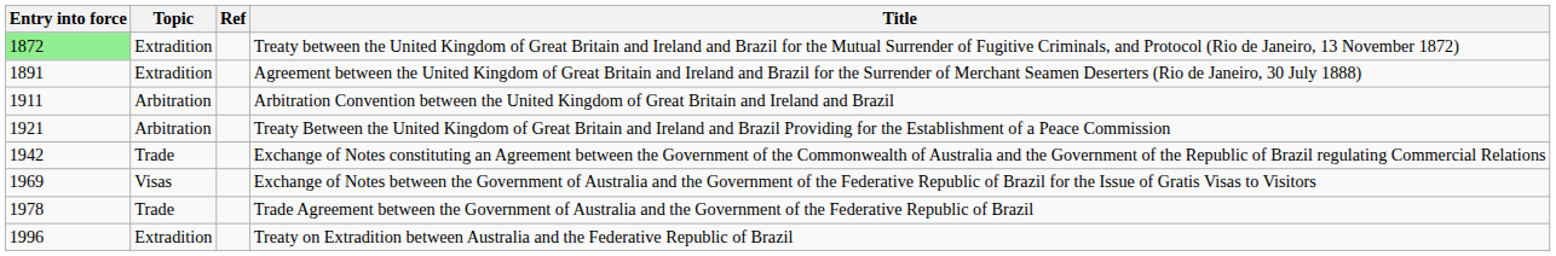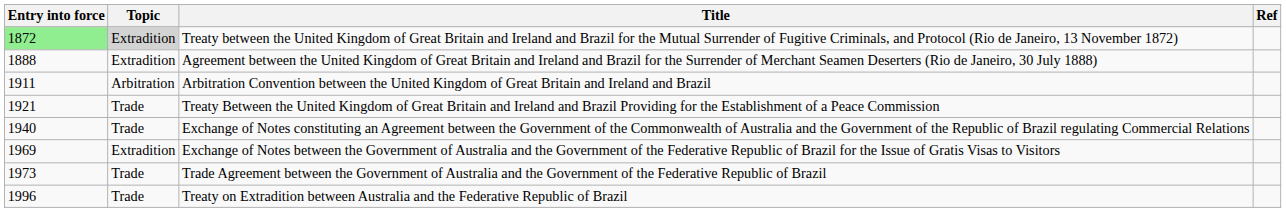 <table class="wikitable sortable">
 <tr>
 <th>Entry into force</th>
 <th>Topic</th>
+<th>Title</th>
 <th>Ref</th>
-<th>Title</th>
 </tr>
 <tr>
 <td style="background: lightgreen;">1872</td>
-<td>Extradition</td>
+<td style="background: lightgrey;">Extradition</td>
+<td>Treaty between the United Kingdom of Great Britain and Ireland and Brazil for the Mutual Surrender of Fugitive Criminals, and Protocol (Rio de Janeiro, 13 November 1872)</td>
 <td></td>
-<td>Treaty between the United Kingdom of Great Britain and Ireland and Brazil for the Mutual Surrender of Fugitive Criminals, and Protocol (Rio de Janeiro, 13 November 1872)</td>
 </tr>
 <tr>
-<td>1891</td>
+<td>1888</td>
 <td>Extradition</td>
+<td>Agreement between the United Kingdom of Great Britain and Ireland and Brazil for the Surrender of Merchant Seamen Deserters (Rio de Janeiro, 30 July 1888)</td>
 <td></td>
-<td>Agreement between the United Kingdom of Great Britain and Ireland and Brazil for the Surrender of Merchant Seamen Deserters (Rio de Janeiro, 30 July 1888)</td>
 </tr>
 <tr>
 <td>1911</td>
 <td>Arbitration</td>
+<td>Arbitration Convention between the United Kingdom of Great Britain and Ireland and Brazil</td>
 <td></td>
-<td>Arbitration Convention between the United Kingdom of Great Britain and Ireland and Brazil</td>
 </tr>
 <tr>
 <td>1921</td>
-<td>Arbitration</td>
+<td>Trade</td>
+<td>Treaty Between the United Kingdom of Great Britain and Ireland and Brazil Providing for the Establishment of a Peace Commission</td>
 <td></td>
-<td>Treaty Between the United Kingdom of Great Britain and Ireland and Brazil Providing for the Establishment of a Peace Commission</td>
 </tr>
 <tr>
-<td>1942</td>
+<td>1940</td>
 <td>Trade</td>
+<td>Exchange of Notes constituting an Agreement between the Government of the Commonwealth of Australia and the Government of the Republic of Brazil regulating Commercial Relations</td>
 <td></td>
-<td>Exchange of Notes constituting an Agreement between the Government of the Commonwealth of Australia and the Government of the Republic of Brazil regulating Commercial Relations</td>
 </tr>
 <tr>
 <td>1969</td>
-<td>Visas</td>
+<td>Extradition</td>
+<td>Exchange of Notes between the Government of Australia and the Government of the Federative Republic of Brazil for the Issue of Gratis Visas to Visitors</td>
 <td></td>
-<td>Exchange of Notes between the Government of Australia and the Government of the Federative Republic of Brazil for the Issue of Gratis Visas to Visitors</td>
 </tr>
 <tr>
-<td>1978</td>
+<td>1973</td>
 <td>Trade</td>
+<td>Trade Agreement between the Government of Australia and the Government of the Federative Republic of Brazil</td>
 <td></td>
-<td>Trade Agreement between the Government of Australia and the Government of the Federative Republic of Brazil</td>
 </tr>
 <tr>
 <td>1996</td>
-<td>Extradition</td>
+<td>Trade</td>
+<td>Treaty on Extradition between Australia and the Federative Republic of Brazil</td>
 <td></td>
-<td>Treaty on Extradition between Australia and the Federative Republic of Brazil</td>
 </tr>
 </table>
